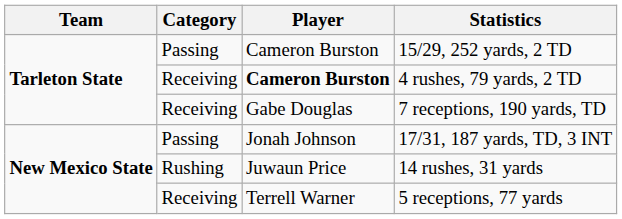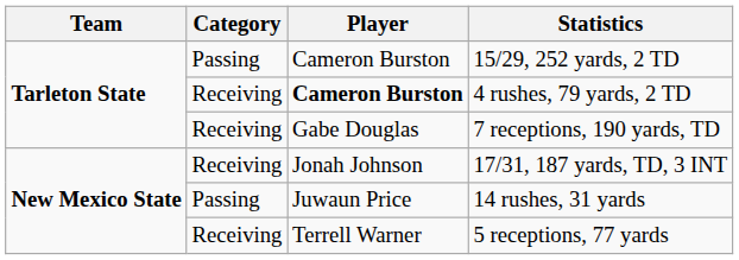 <table class="wikitable" style="float: right;">
 <tr>
 <th>Team</th>
 <th>Category</th>
 <th>Player</th>
 <th>Statistics</th>
 </tr>
 <tr>
 <td rowspan=3><strong>Tarleton State</strong></td>
 <td>Passing</td>
 <td>Cameron Burston</td>
 <td>15/29, 252 yards, 2 TD</td>
 </tr>
 <tr>
 <td>Receiving</td>
 <td><strong>Cameron Burston</strong></td>
 <td>4 rushes, 79 yards, 2 TD</td>
 </tr>
 <tr>
 <td>Receiving</td>
 <td>Gabe Douglas</td>
 <td>7 receptions, 190 yards, TD</td>
 </tr>
 <tr>
 <td rowspan=3><strong>New Mexico State</strong></td>
-<td>Passing</td>
+<td>Receiving</td>
 <td>Jonah Johnson</td>
 <td>17/31, 187 yards, TD, 3 INT</td>
 </tr>
 <tr>
-<td>Rushing</td>
+<td>Passing</td>
 <td>Juwaun Price</td>
 <td>14 rushes, 31 yards</td>
 </tr>
 <tr>
 <td>Receiving</td>
 <td>Terrell Warner</td>
 <td>5 receptions, 77 yards</td>
 </tr>
 </table>
